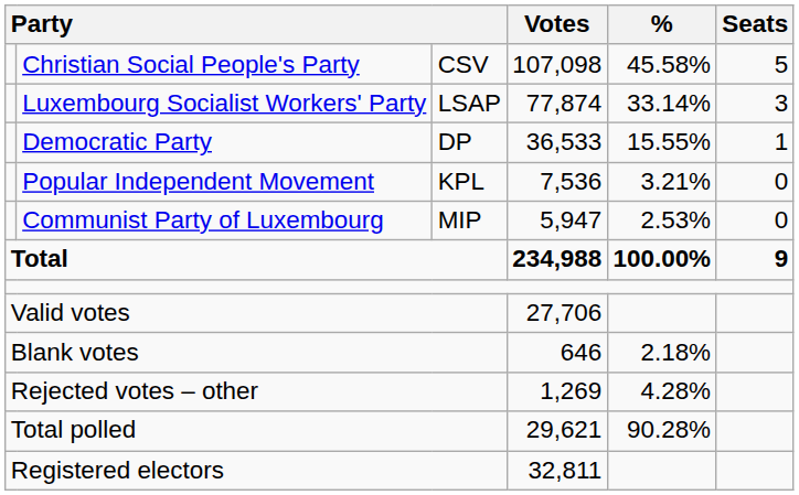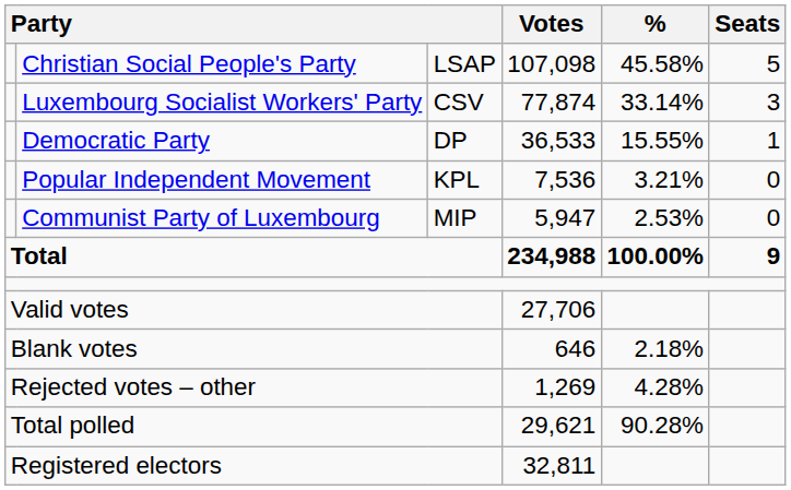 <table class="wikitable" border="1" style="text-align:right;">
 <tr>
 <th style="text-align:left;" valign=bottom colspan=3>Party</th>
 <th align=center valign=bottom width="50">Votes</th>
 <th align=center valign=bottom width="50">%</th>
 <th align=center>Seats</th>
 </tr>
 <tr>
 <td></td>
 <td align=left><a href='#'>Christian Social People's Party</a></td>
-<td align=left>CSV</td>
+<td align=left>LSAP</td>
 <td>107,098</td>
 <td>45.58%</td>
 <td>5</td>
 </tr>
 <tr>
 <td></td>
 <td align=left><a href='#'>Luxembourg Socialist Workers' Party</a></td>
-<td align=left>LSAP</td>
+<td align=left>CSV</td>
 <td>77,874</td>
 <td>33.14%</td>
 <td>3</td>
 </tr>
 <tr>
 <td></td>
 <td align=left><a href='#'>Democratic Party</a></td>
 <td align=left>DP</td>
 <td>36,533</td>
 <td>15.55%</td>
 <td>1</td>
 </tr>
 <tr>
 <td></td>
 <td align=left><a href='#'>Popular Independent Movement</a></td>
 <td align=left>KPL</td>
 <td>7,536</td>
 <td>3.21%</td>
 <td>0</td>
 </tr>
 <tr>
 <td></td>
 <td align=left><a href='#'>Communist Party of Luxembourg</a></td>
 <td align=left>MIP</td>
 <td>5,947</td>
 <td>2.53%</td>
 <td>0</td>
 </tr>
 <tr style="font-weight:bold">
 <td align=left colspan=3>Total</td>
 <td>234,988</td>
 <td>100.00%</td>
 <td>9</td>
 </tr>
 <tr>
 <td colspan=6 height="2"></td>
 </tr>
 <tr>
 <td align=left colspan=3>Valid votes</td>
 <td>27,706</td>
 <td></td>
 <td></td>
 </tr>
 <tr>
 <td align=left colspan=3>Blank votes</td>
 <td>646</td>
 <td>2.18%</td>
 <td></td>
 </tr>
 <tr>
 <td align=left colspan=3>Rejected votes – other</td>
 <td>1,269</td>
 <td>4.28%</td>
 <td></td>
 </tr>
 <tr>
 <td align=left colspan=3>Total polled</td>
 <td>29,621</td>
 <td>90.28%</td>
 <td></td>
 </tr>
 <tr>
 <td align=left colspan=3>Registered electors</td>
 <td>32,811</td>
 <td></td>
 <td></td>
 </tr>
 </table>
